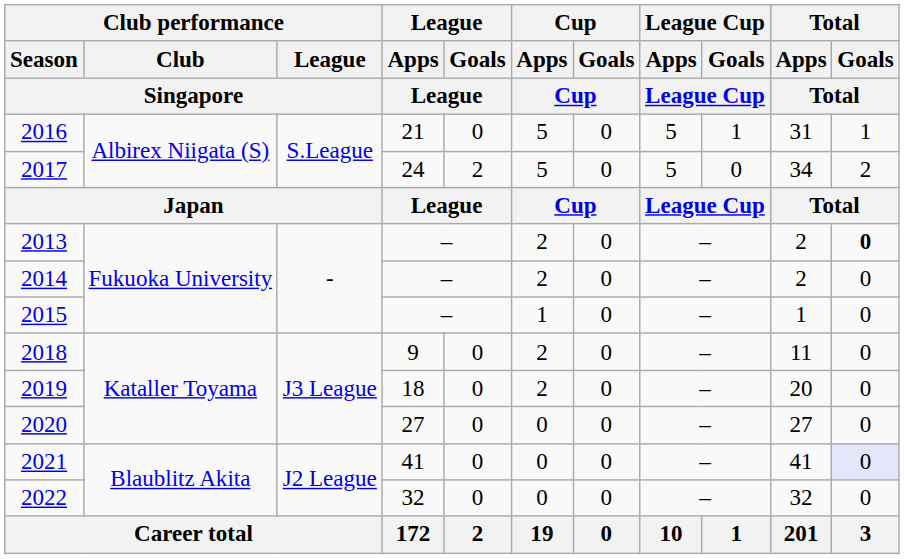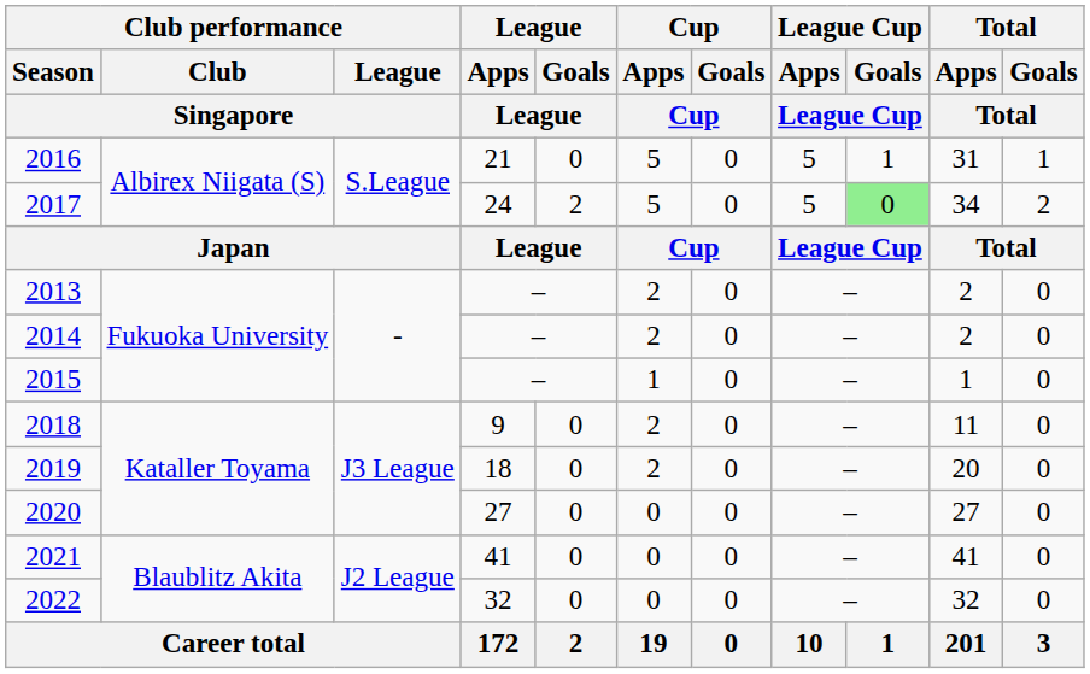 <table class="wikitable" style="text-align:center">
 <tr>
 <th colspan=3>Club performance</th>
 <th colspan=2>League</th>
 <th colspan=2>Cup</th>
 <th colspan=2>League Cup</th>
 <th colspan=2>Total</th>
 </tr>
 <tr>
 <th>Season</th>
 <th>Club</th>
 <th>League</th>
 <th>Apps</th>
 <th>Goals</th>
 <th>Apps</th>
 <th>Goals</th>
 <th>Apps</th>
 <th>Goals</th>
 <th>Apps</th>
 <th>Goals</th>
 </tr>
 <tr>
 <th colspan=3>Singapore</th>
 <th colspan=2>League</th>
 <th colspan=2><a href='#'>Cup</a></th>
 <th colspan=2><a href='#'>League Cup</a></th>
 <th colspan=2>Total</th>
 </tr>
 <tr>
 <td><a href='#'>2016</a></td>
 <td rowspan="2"><a href='#'>Albirex Niigata (S)</a></td>
 <td rowspan="2"><a href='#'>S.League</a></td>
 <td>21</td>
 <td>0</td>
 <td>5</td>
 <td>0</td>
 <td>5</td>
 <td>1</td>
 <td>31</td>
 <td>1</td>
 </tr>
 <tr>
 <td><a href='#'>2017</a></td>
 <td>24</td>
 <td>2</td>
 <td>5</td>
 <td>0</td>
 <td>5</td>
-<td>0</td>
+<td style="background: lightgreen;">0</td>
 <td>34</td>
 <td>2</td>
 </tr>
 <tr>
 <th colspan=3>Japan</th>
 <th colspan=2>League</th>
 <th colspan=2><a href='#'>Cup</a></th>
 <th colspan=2><a href='#'>League Cup</a></th>
 <th colspan=2>Total</th>
 </tr>
 <tr>
 <td><a href='#'>2013</a></td>
 <td rowspan="3"><a href='#'>Fukuoka University</a></td>
 <td rowspan="3">-</td>
 <td colspan="2">–</td>
 <td>2</td>
 <td>0</td>
 <td colspan="2">–</td>
 <td>2</td>
-<td><strong>0</strong></td>
+<td>0</td>
 </tr>
 <tr>
 <td><a href='#'>2014</a></td>
 <td colspan="2">–</td>
 <td>2</td>
 <td>0</td>
 <td colspan="2">–</td>
 <td>2</td>
 <td>0</td>
 </tr>
 <tr>
 <td><a href='#'>2015</a></td>
 <td colspan="2">–</td>
 <td>1</td>
 <td>0</td>
 <td colspan="2">–</td>
 <td>1</td>
 <td>0</td>
 </tr>
 <tr>
 <td><a href='#'>2018</a></td>
 <td rowspan="3"><a href='#'>Kataller Toyama</a></td>
 <td rowspan="3"><a href='#'>J3 League</a></td>
 <td>9</td>
 <td>0</td>
 <td>2</td>
 <td>0</td>
 <td colspan="2">–</td>
 <td>11</td>
 <td>0</td>
 </tr>
 <tr>
 <td><a href='#'>2019</a></td>
 <td>18</td>
 <td>0</td>
 <td>2</td>
 <td>0</td>
 <td colspan="2">–</td>
 <td>20</td>
 <td>0</td>
 </tr>
 <tr>
 <td><a href='#'>2020</a></td>
 <td>27</td>
 <td>0</td>
 <td>0</td>
 <td>0</td>
 <td colspan="2">–</td>
 <td>27</td>
 <td>0</td>
 </tr>
 <tr>
 <td><a href='#'>2021</a></td>
 <td rowspan="2"><a href='#'>Blaublitz Akita</a></td>
 <td rowspan="2"><a href='#'>J2 League</a></td>
 <td>41</td>
 <td>0</td>
 <td>0</td>
 <td>0</td>
 <td colspan="2">–</td>
 <td>41</td>
-<td style="background: lavender;">0</td>
+<td>0</td>
 </tr>
 <tr>
 <td><a href='#'>2022</a></td>
 <td>32</td>
 <td>0</td>
 <td>0</td>
 <td>0</td>
 <td colspan="2">–</td>
 <td>32</td>
 <td>0</td>
 </tr>
 <tr>
 <th colspan=3>Career total</th>
 <th>172</th>
 <th>2</th>
 <th>19</th>
 <th>0</th>
 <th>10</th>
 <th>1</th>
 <th>201</th>
 <th>3</th>
 </tr>
 </table>
